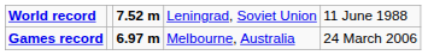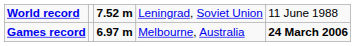 <table class="wikitable">
 <tr>
 <td><a href='#'><strong>World record</strong></a></td>
 <td></td>
 <td><strong>7.52 m</strong></td>
 <td><a href='#'>Leningrad</a>, <a href='#'>Soviet Union</a></td>
 <td>11 June 1988</td>
 </tr>
 <tr>
 <td><a href='#'><strong>Games record</strong></a></td>
 <td></td>
 <td><strong>6.97 m</strong></td>
 <td><a href='#'>Melbourne</a>, <a href='#'>Australia</a></td>
-<td>24 March 2006</td>
+<td><strong>24 March 2006</strong></td>
 </tr>
 </table>
